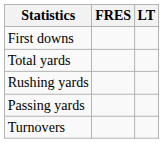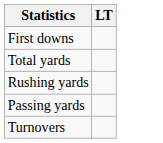 <table class="wikitable">
 <tr>
 <th>Statistics</th>
-<th>FRES</th>
 <th>LT</th>
 </tr>
 <tr>
 <td>First downs</td>
 <td></td>
-<td></td>
 </tr>
 <tr>
 <td>Total yards</td>
-<td></td>
 <td></td>
 </tr>
 <tr>
 <td>Rushing yards</td>
 <td></td>
-<td></td>
 </tr>
 <tr>
 <td>Passing yards</td>
-<td></td>
 <td></td>
 </tr>
 <tr>
 <td>Turnovers</td>
 <td></td>
-<td></td>
 </tr>
 </table>
